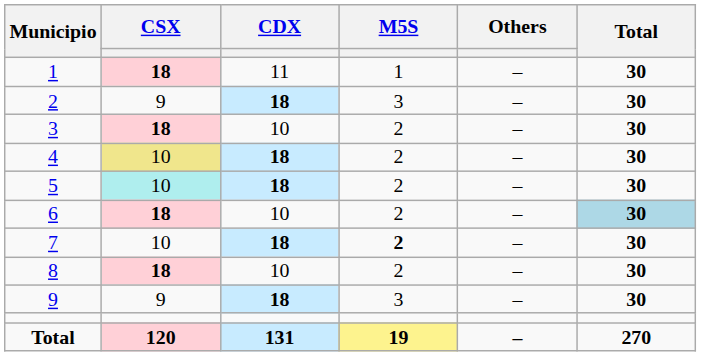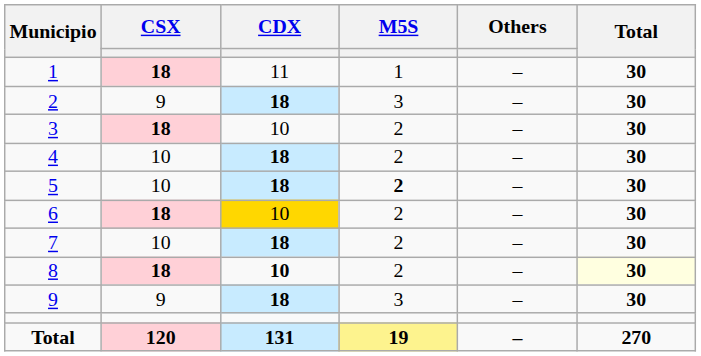 <table class="wikitable" style="text-align:center; font-size:85%; line-height:13px">
 <tr style="height:30px; background-color:#E9E9E9">
 <th style="width:50px;" rowspan="2">Municipio</th>
 <th style="width:75px;"><a href='#'>CSX</a></th>
 <th style="width:75px;"><a href='#'>CDX</a></th>
 <th style="width:75px;"><a href='#'>M5S</a></th>
 <th style="width:75px;">Others</th>
 <th style="width:75px;" rowspan="2">Total</th>
 </tr>
 <tr>
 <th style="background:"></th>
 <th style="background:"></th>
 <th style="background:"></th>
 <th style="background:"></th>
 </tr>
 <tr>
 <td><a href='#'>1</a></td>
 <td style="background:#FFD0D7"><strong>18</strong></td>
 <td>11</td>
 <td>1</td>
 <td>–</td>
 <td><strong>30</strong></td>
 </tr>
 <tr>
 <td><a href='#'>2</a></td>
 <td>9</td>
 <td style="background:#C8EBFF"><strong>18</strong></td>
 <td>3</td>
 <td>–</td>
 <td><strong>30</strong></td>
 </tr>
 <tr>
 <td><a href='#'>3</a></td>
 <td style="background:#FFD0D7"><strong>18</strong></td>
 <td>10</td>
 <td>2</td>
 <td>–</td>
 <td><strong>30</strong></td>
 </tr>
 <tr>
 <td><a href='#'>4</a></td>
-<td style="background: khaki;">10</td>
+<td>10</td>
 <td style="background:#C8EBFF"><strong>18</strong></td>
 <td>2</td>
 <td>–</td>
 <td><strong>30</strong></td>
 </tr>
 <tr>
 <td><a href='#'>5</a></td>
-<td style="background: paleturquoise;">10</td>
-<td style="background:#C8EBFF"><strong>18</strong></td>
-<td>2</td>
-<td>–</td>
-<td><strong>30</strong></td>
-</tr>
-<tr>
-<td><a href='#'>6</a></td>
-<td style="background:#FFD0D7"><strong>18</strong></td>
-<td>10</td>
-<td>2</td>
-<td>–</td>
-<td style="background: lightblue;"><strong>30</strong></td>
-</tr>
-<tr>
-<td><a href='#'>7</a></td>
 <td>10</td>
 <td style="background:#C8EBFF"><strong>18</strong></td>
 <td><strong>2</strong></td>
 <td>–</td>
 <td><strong>30</strong></td>
 </tr>
 <tr>
-<td><a href='#'>8</a></td>
+<td><a href='#'>6</a></td>
 <td style="background:#FFD0D7"><strong>18</strong></td>
-<td>10</td>
+<td style="background: gold;">10</td>
 <td>2</td>
 <td>–</td>
 <td><strong>30</strong></td>
+</tr>
+<tr>
+<td><a href='#'>7</a></td>
+<td>10</td>
+<td style="background:#C8EBFF"><strong>18</strong></td>
+<td>2</td>
+<td>–</td>
+<td><strong>30</strong></td>
+</tr>
+<tr>
+<td><a href='#'>8</a></td>
+<td style="background:#FFD0D7"><strong>18</strong></td>
+<td><strong>10</strong></td>
+<td>2</td>
+<td>–</td>
+<td style="background: lightyellow;"><strong>30</strong></td>
 </tr>
 <tr>
 <td><a href='#'>9</a></td>
 <td>9</td>
 <td style="background:#C8EBFF"><strong>18</strong></td>
 <td>3</td>
 <td>–</td>
 <td><strong>30</strong></td>
 </tr>
 <tr>
 <td></td>
 <td></td>
 <td></td>
 <td></td>
 <td></td>
 <td></td>
 </tr>
 <tr>
 <td><strong>Total</strong></td>
 <td style="background:#FFD0D7"><strong>120</strong></td>
 <td style="background:#C8EBFF"><strong>131</strong></td>
 <td style="background:#FDF38E"><strong>19</strong></td>
 <td><strong>–</strong></td>
 <td><strong>270</strong></td>
 </tr>
 </table>
